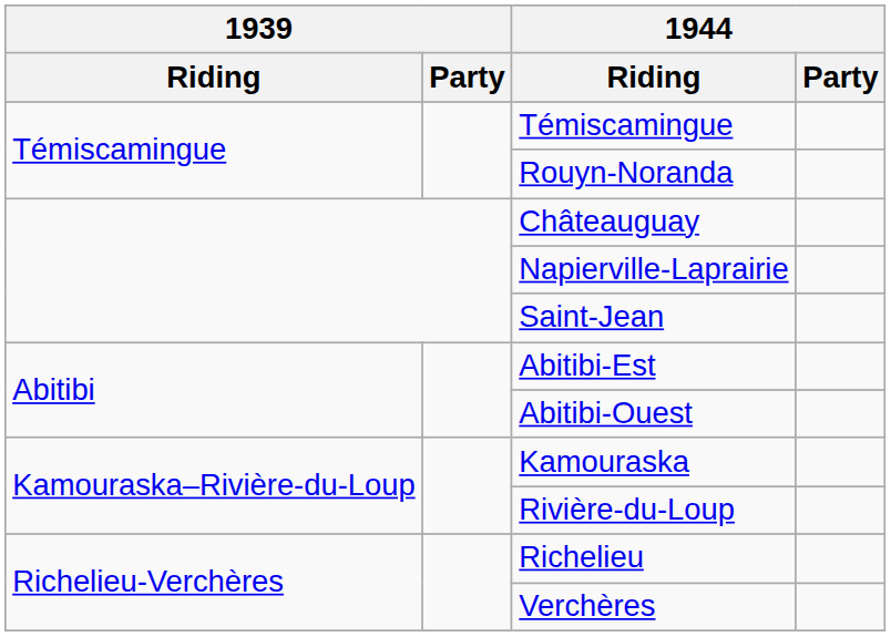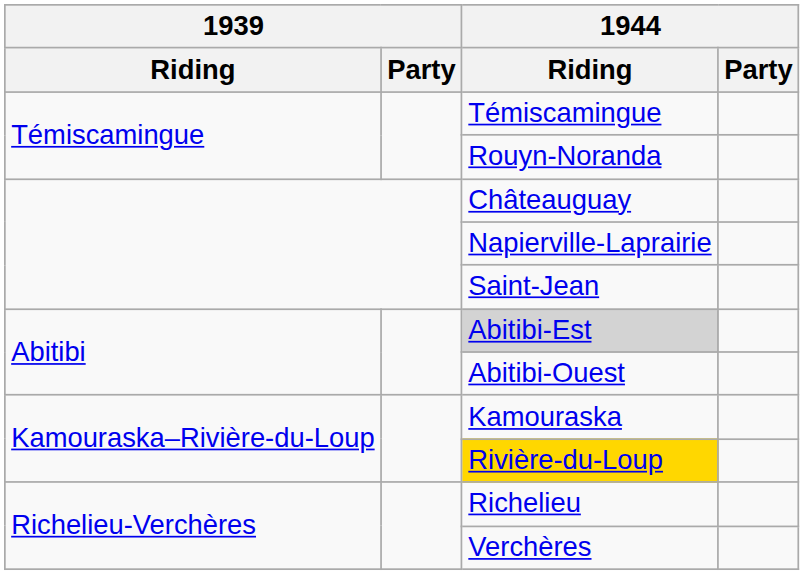 <table class="wikitable">
 <tr>
 <th colspan="2">1939</th>
 <th colspan="3">1944</th>
 </tr>
 <tr>
 <th>Riding</th>
 <th>Party</th>
 <th>Riding</th>
 <th>Party</th>
 </tr>
 <tr>
 <td rowspan="2"><a href='#'>Témiscamingue</a></td>
 <td rowspan="2"></td>
 <td><a href='#'>Témiscamingue</a></td>
 <td></td>
 </tr>
 <tr>
 <td><a href='#'>Rouyn-Noranda</a></td>
 <td></td>
 </tr>
 <tr>
 <td colspan="2" rowspan="3"><br></td>
 <td><a href='#'>Châteauguay</a></td>
 <td></td>
 </tr>
 <tr>
 <td><a href='#'>Napierville-Laprairie</a></td>
 <td></td>
 </tr>
 <tr>
 <td><a href='#'>Saint-Jean</a></td>
 <td></td>
 </tr>
 <tr>
 <td rowspan="2"><a href='#'>Abitibi</a></td>
 <td rowspan="2"></td>
-<td><a href='#'>Abitibi-Est</a></td>
+<td style="background: lightgrey;"><a href='#'>Abitibi-Est</a></td>
 <td></td>
 </tr>
 <tr>
 <td><a href='#'>Abitibi-Ouest</a></td>
 <td></td>
 </tr>
 <tr>
 <td rowspan="2"><a href='#'>Kamouraska–Rivière-du-Loup</a></td>
 <td rowspan="2"></td>
 <td><a href='#'>Kamouraska</a></td>
 <td></td>
 </tr>
 <tr>
-<td><a href='#'>Rivière-du-Loup</a></td>
+<td style="background: gold;"><a href='#'>Rivière-du-Loup</a></td>
 <td></td>
 </tr>
 <tr>
 <td rowspan="2"><a href='#'>Richelieu-Verchères</a></td>
 <td rowspan="2"></td>
 <td><a href='#'>Richelieu</a></td>
 <td></td>
 </tr>
 <tr>
 <td><a href='#'>Verchères</a></td>
 <td></td>
 </tr>
 </table>
